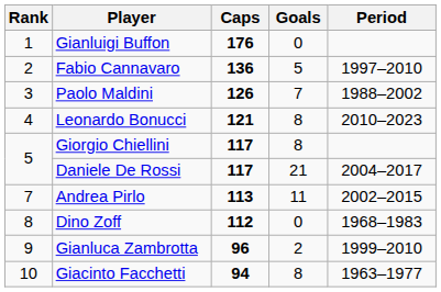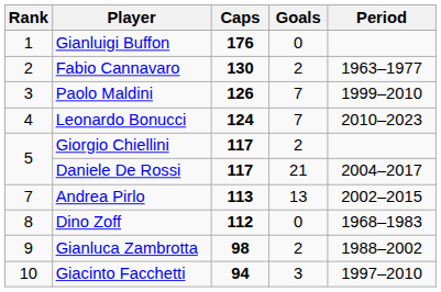 <table class="wikitable sortable" style="text-align:center;">
 <tr>
 <th width=20px>Rank</th>
 <th style="width:150px;">Player</th>
 <th width=50px>Caps</th>
 <th width=50px>Goals</th>
 <th style="width:100px;">Period</th>
 </tr>
 <tr>
 <td>1</td>
 <td style="text-align: left;"><a href='#'>Gianluigi Buffon</a></td>
 <td><strong>176</strong></td>
 <td>0</td>
 <td></td>
 </tr>
 <tr>
 <td>2</td>
 <td style="text-align: left;"><a href='#'>Fabio Cannavaro</a></td>
-<td><strong>136</strong></td>
-<td>5</td>
-<td>1997–2010</td>
+<td><strong>130</strong></td>
+<td>2</td>
+<td>1963–1977</td>
 </tr>
 <tr>
 <td>3</td>
 <td style="text-align: left;"><a href='#'>Paolo Maldini</a></td>
 <td><strong>126</strong></td>
 <td>7</td>
-<td>1988–2002</td>
+<td>1999–2010</td>
 </tr>
 <tr>
 <td>4</td>
 <td style="text-align: left;"><a href='#'>Leonardo Bonucci</a></td>
-<td><strong>121</strong></td>
-<td>8</td>
+<td><strong>124</strong></td>
+<td>7</td>
 <td>2010–2023</td>
 </tr>
 <tr>
 <td rowspan="2">5</td>
 <td style="text-align: left;"><a href='#'>Giorgio Chiellini</a></td>
 <td><strong>117</strong></td>
-<td>8</td>
+<td>2</td>
 <td></td>
 </tr>
 <tr>
 <td style="text-align: left;"><a href='#'>Daniele De Rossi</a></td>
 <td><strong>117</strong></td>
 <td>21</td>
 <td>2004–2017</td>
 </tr>
 <tr>
 <td>7</td>
 <td style="text-align: left"><a href='#'>Andrea Pirlo</a></td>
 <td><strong>113</strong></td>
-<td>11</td>
+<td>13</td>
 <td>2002–2015</td>
 </tr>
 <tr>
 <td>8</td>
 <td style="text-align: left;"><a href='#'>Dino Zoff</a></td>
 <td><strong>112</strong></td>
 <td>0</td>
 <td>1968–1983</td>
 </tr>
 <tr>
 <td>9</td>
 <td style="text-align: left;"><a href='#'>Gianluca Zambrotta</a></td>
-<td><strong>96</strong></td>
+<td><strong>98</strong></td>
 <td>2</td>
-<td>1999–2010</td>
+<td>1988–2002</td>
 </tr>
 <tr>
 <td>10</td>
 <td style="text-align: left"><a href='#'>Giacinto Facchetti</a></td>
 <td><strong>94</strong></td>
-<td>8</td>
-<td>1963–1977</td>
+<td>3</td>
+<td>1997–2010</td>
 </tr>
 </table>
